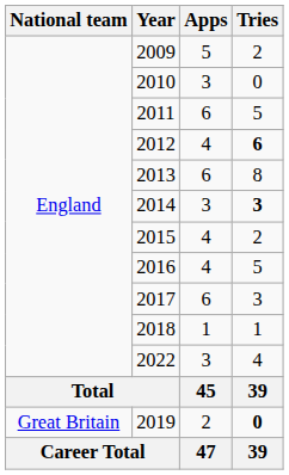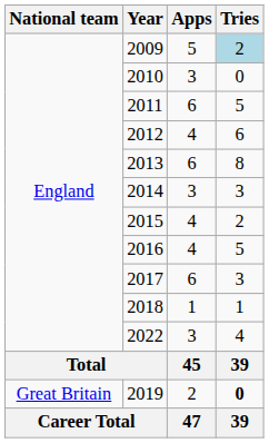 <table class="wikitable" style="text-align: center;">
 <tr>
 <th>National team</th>
 <th>Year</th>
 <th>Apps</th>
 <th>Tries</th>
 </tr>
 <tr>
 <td rowspan=11><a href='#'>England</a></td>
 <td>2009</td>
 <td>5</td>
-<td>2</td>
+<td style="background: lightblue;">2</td>
 </tr>
 <tr>
 <td>2010</td>
 <td>3</td>
 <td>0</td>
 </tr>
 <tr>
 <td>2011</td>
 <td>6</td>
 <td>5</td>
 </tr>
 <tr>
 <td>2012</td>
 <td>4</td>
-<td><strong>6</strong></td>
+<td>6</td>
 </tr>
 <tr>
 <td>2013</td>
 <td>6</td>
 <td>8</td>
 </tr>
 <tr>
 <td>2014</td>
 <td>3</td>
-<td><strong>3</strong></td>
+<td>3</td>
 </tr>
 <tr>
 <td>2015</td>
 <td>4</td>
 <td>2</td>
 </tr>
 <tr>
 <td>2016</td>
 <td>4</td>
 <td>5</td>
 </tr>
 <tr>
 <td>2017</td>
 <td>6</td>
 <td>3</td>
 </tr>
 <tr>
 <td>2018</td>
 <td>1</td>
 <td>1</td>
 </tr>
 <tr>
 <td>2022</td>
 <td>3</td>
 <td>4</td>
 </tr>
 <tr>
 <th colspan=2>Total</th>
 <th>45</th>
 <th>39</th>
 </tr>
 <tr>
 <td><a href='#'>Great Britain</a></td>
 <td>2019</td>
 <td>2</td>
 <td><strong>0</strong></td>
 </tr>
 <tr>
 <th colspan=2>Career Total</th>
 <th>47</th>
 <th>39</th>
 </tr>
 </table>
